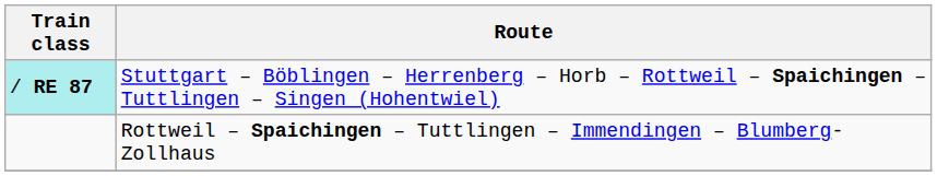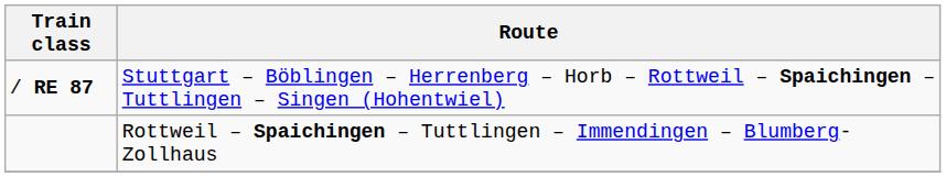 <table class="wikitable">
 <tr style="background-color:#e3e3e3;">
 <th>Train class</th>
 <th>Route</th>
 </tr>
 <tr>
-<td style="background: paleturquoise;"> / <strong>RE 87</strong></td>
+<td> / <strong>RE 87</strong></td>
 <td><a href='#'>Stuttgart</a> – <a href='#'>Böblingen</a> – <a href='#'>Herrenberg</a> – Horb – <a href='#'>Rottweil</a> – <strong>Spaichingen</strong> – <a href='#'>Tuttlingen</a> – <a href='#'>Singen (Hohentwiel)</a></td>
 </tr>
 <tr>
 <td></td>
 <td>Rottweil – <strong>Spaichingen</strong> – Tuttlingen – <a href='#'>Immendingen</a> – <a href='#'>Blumberg</a>-Zollhaus</td>
 </tr>
 <tr>
 </tr>
 </table>
